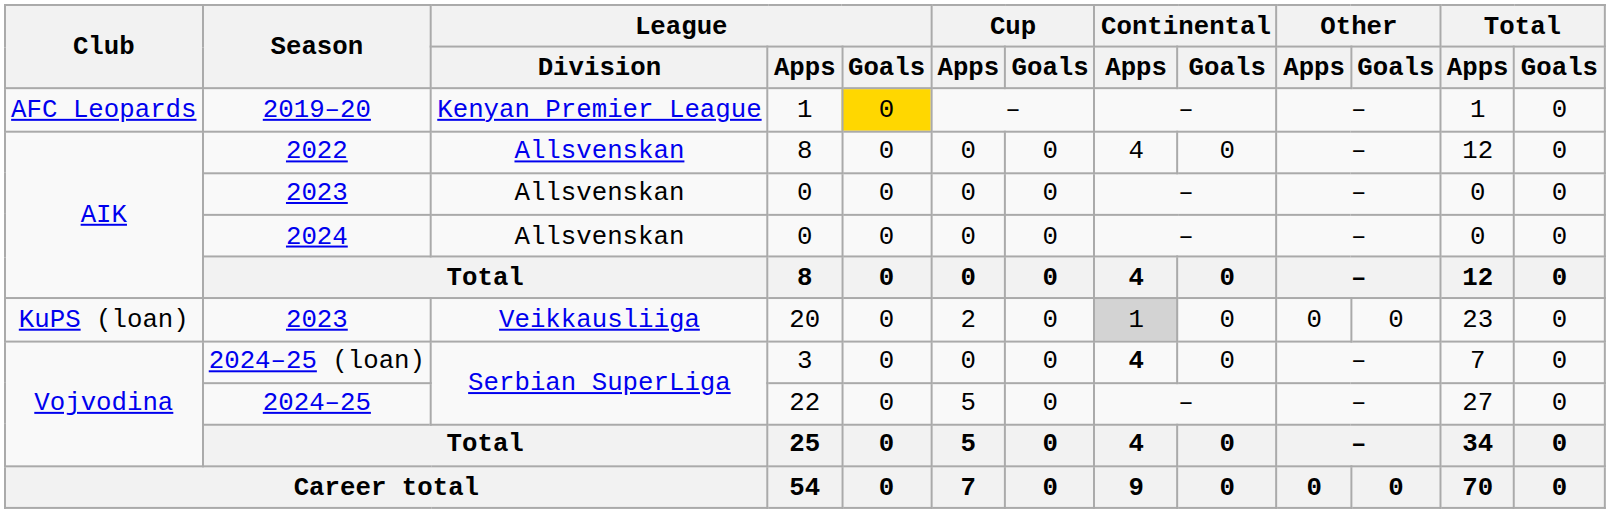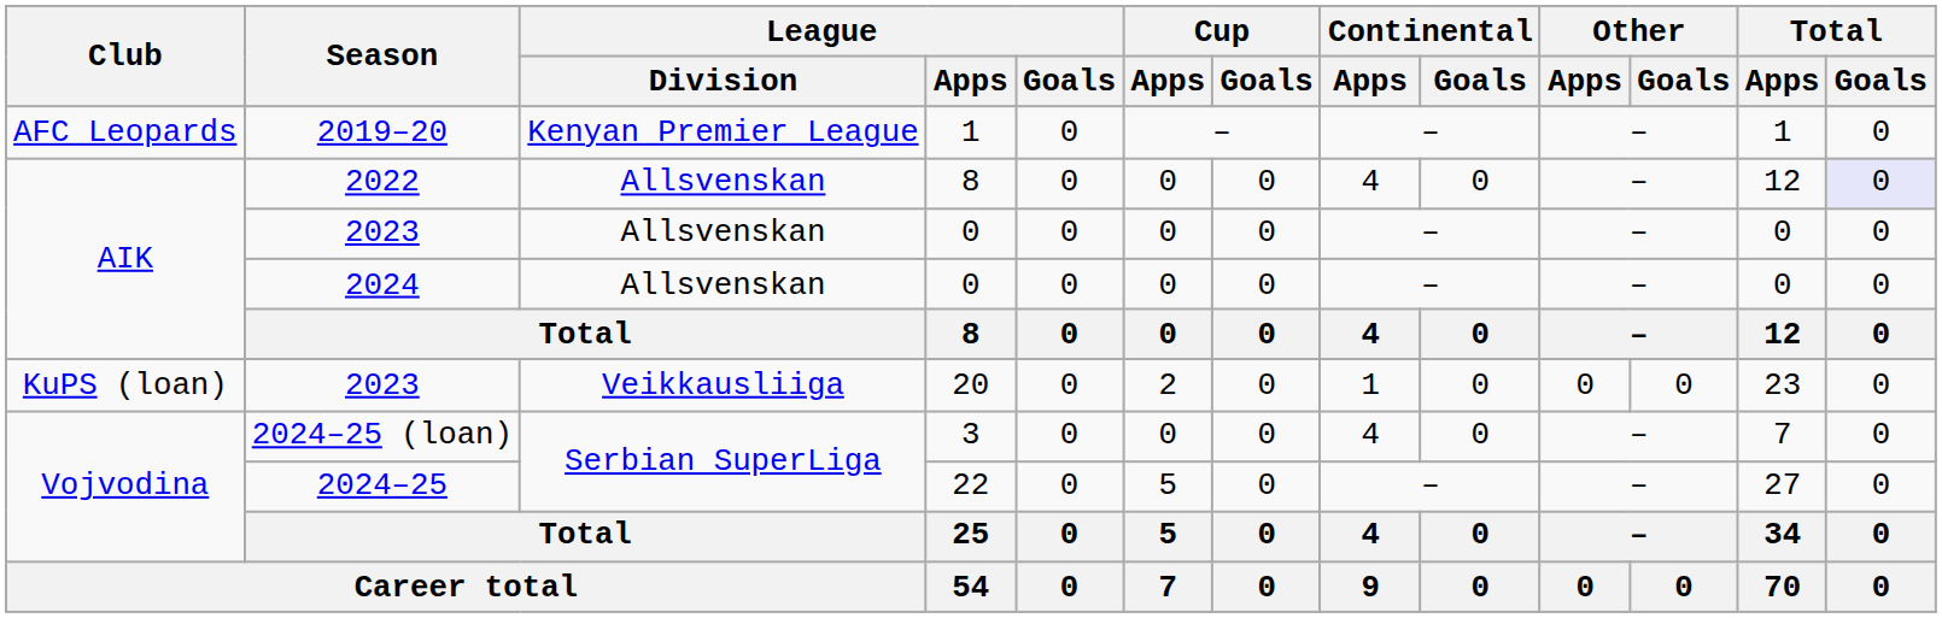 <table class="wikitable" style="text-align:center;">
 <tr>
 <th rowspan="2">Club</th>
 <th rowspan="2">Season</th>
 <th colspan="3">League</th>
 <th colspan="2">Cup</th>
 <th colspan="2">Continental</th>
 <th colspan="2">Other</th>
 <th colspan="2">Total</th>
 </tr>
 <tr>
 <th>Division</th>
 <th>Apps</th>
 <th>Goals</th>
 <th>Apps</th>
 <th>Goals</th>
 <th>Apps</th>
 <th>Goals</th>
 <th>Apps</th>
 <th>Goals</th>
 <th>Apps</th>
 <th>Goals</th>
 </tr>
 <tr>
 <td><a href='#'>AFC Leopards</a></td>
 <td><a href='#'>2019–20</a></td>
 <td><a href='#'>Kenyan Premier League</a></td>
 <td>1</td>
-<td style="background: gold;">0</td>
+<td>0</td>
 <td colspan=2>–</td>
 <td colspan=2>–</td>
 <td colspan=2>–</td>
 <td>1</td>
 <td>0</td>
 </tr>
 <tr>
 <td rowspan="4"><a href='#'>AIK</a></td>
 <td><a href='#'>2022</a></td>
 <td><a href='#'>Allsvenskan</a></td>
 <td>8</td>
 <td>0</td>
 <td>0</td>
 <td>0</td>
 <td>4</td>
 <td>0</td>
 <td colspan=2>–</td>
 <td>12</td>
-<td>0</td>
+<td style="background: lavender;">0</td>
 </tr>
 <tr>
 <td><a href='#'>2023</a></td>
 <td>Allsvenskan</td>
 <td>0</td>
 <td>0</td>
 <td>0</td>
 <td>0</td>
 <td colspan=2>–</td>
 <td colspan=2>–</td>
 <td>0</td>
 <td>0</td>
 </tr>
 <tr>
 <td><a href='#'>2024</a></td>
 <td>Allsvenskan</td>
 <td>0</td>
 <td>0</td>
 <td>0</td>
 <td>0</td>
 <td colspan=2>–</td>
 <td colspan=2>–</td>
 <td>0</td>
 <td>0</td>
 </tr>
 <tr>
 <th colspan="2">Total</th>
 <th>8</th>
 <th>0</th>
 <th>0</th>
 <th>0</th>
 <th>4</th>
 <th>0</th>
 <th colspan="2">–</th>
 <th>12</th>
 <th>0</th>
 </tr>
 <tr>
 <td><a href='#'>KuPS</a> (loan)</td>
 <td><a href='#'>2023</a></td>
 <td><a href='#'>Veikkausliiga</a></td>
 <td>20</td>
 <td>0</td>
 <td>2</td>
 <td>0</td>
-<td style="background: lightgrey;">1</td>
+<td>1</td>
 <td>0</td>
 <td>0</td>
 <td>0</td>
 <td>23</td>
 <td>0</td>
 </tr>
 <tr>
 <td rowspan="3"><a href='#'>Vojvodina</a></td>
 <td><a href='#'>2024–25</a> (loan)</td>
 <td rowspan="2"><a href='#'>Serbian SuperLiga</a></td>
 <td>3</td>
 <td>0</td>
 <td>0</td>
 <td>0</td>
-<td><strong>4</strong></td>
+<td>4</td>
 <td>0</td>
 <td colspan="2">–</td>
 <td>7</td>
 <td>0</td>
 </tr>
 <tr>
 <td><a href='#'>2024–25</a></td>
 <td>22</td>
 <td>0</td>
 <td>5</td>
 <td>0</td>
 <td colspan="2">–</td>
 <td colspan="2">–</td>
 <td>27</td>
 <td>0</td>
 </tr>
 <tr>
 <th colspan="2">Total</th>
 <th>25</th>
 <th>0</th>
 <th>5</th>
 <th>0</th>
 <th>4</th>
 <th>0</th>
 <th colspan="2">–</th>
 <th>34</th>
 <th>0</th>
 </tr>
 <tr>
 <th colspan="3">Career total</th>
 <th>54</th>
 <th>0</th>
 <th>7</th>
 <th>0</th>
 <th>9</th>
 <th>0</th>
 <th>0</th>
 <th>0</th>
 <th>70</th>
 <th>0</th>
 </tr>
 </table>
